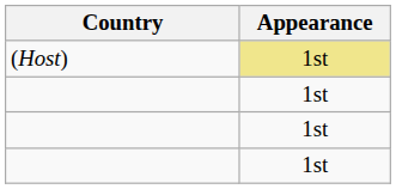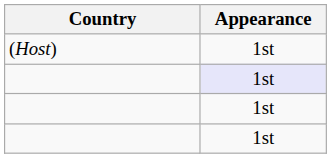 <table class="wikitable sortable" style="text-align:left;">
 <tr>
 <th style="width:160px;">Country</th>
 <th style="width:100px;">Appearance</th>
 </tr>
 <tr>
 <td> (<em>Host</em>)</td>
-<td align=center style="background: khaki;">1st</td>
+<td align=center>1st</td>
 </tr>
 <tr>
 <td></td>
-<td align=center>1st</td>
+<td align=center style="background: lavender;">1st</td>
 </tr>
 <tr>
 <td></td>
 <td align=center>1st</td>
 </tr>
 <tr>
 <td></td>
 <td align=center>1st</td>
 </tr>
 </table>
